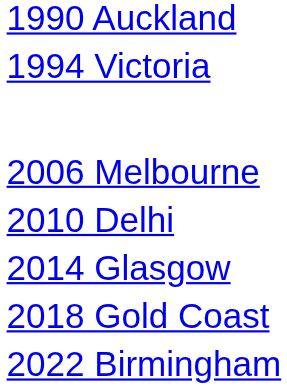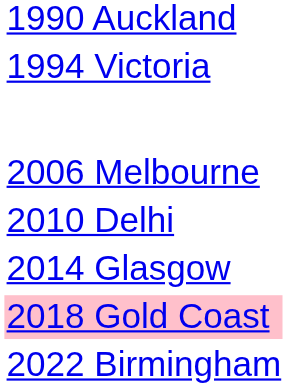 <table>
 <tr>
 <td><a href='#'>1990 Auckland</a></td>
 <td></td>
 <td></td>
 <td></td>
 </tr>
 <tr>
 <td><a href='#'>1994 Victoria</a></td>
 <td></td>
 <td></td>
 <td></td>
 </tr>
 <tr>
 <td></td>
 <td></td>
 <td></td>
 <td></td>
 </tr>
 <tr>
 <td><br></td>
 <td></td>
 <td></td>
 <td></td>
 </tr>
 <tr>
 <td><a href='#'>2006 Melbourne</a><br></td>
 <td></td>
 <td></td>
 <td></td>
 </tr>
 <tr>
 <td><a href='#'>2010 Delhi</a><br></td>
 <td></td>
 <td></td>
 <td></td>
 </tr>
 <tr>
 <td><a href='#'>2014 Glasgow</a><br></td>
 <td></td>
 <td></td>
 <td></td>
 </tr>
 <tr>
-<td><a href='#'>2018 Gold Coast</a><br></td>
+<td style="background: pink;"><a href='#'>2018 Gold Coast</a><br></td>
 <td></td>
 <td></td>
 <td></td>
 </tr>
 <tr>
 <td><a href='#'>2022 Birmingham</a><br></td>
 <td></td>
 <td></td>
 <td></td>
 </tr>
 </table>
